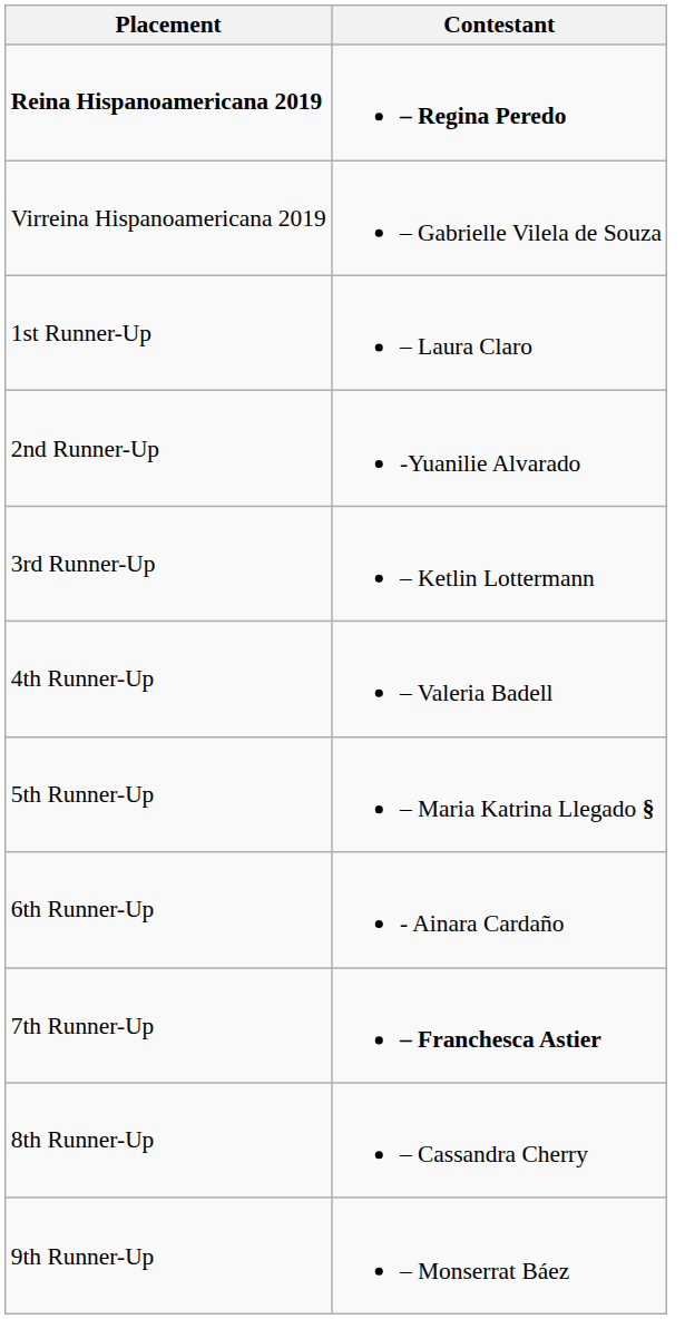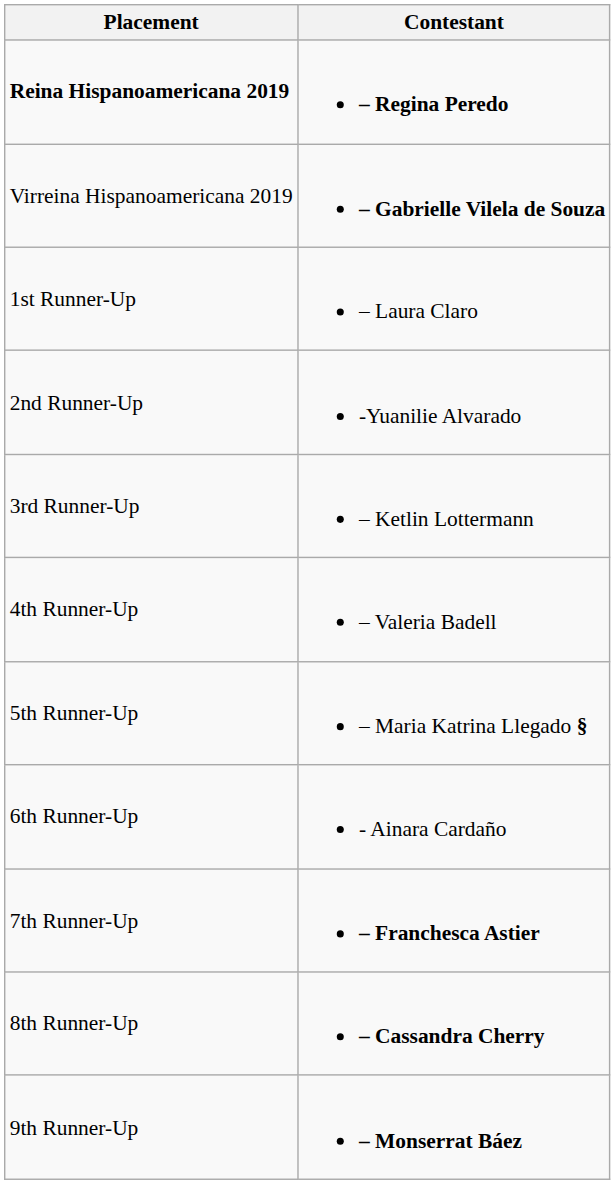 <table class="wikitable sortable" style="font-size: 95%;">
 <tr>
 <th>Placement</th>
 <th>Contestant</th>
 </tr>
 <tr>
 <td><strong>Reina Hispanoamericana 2019</strong></td>
 <td><br><ul><li><strong> – Regina Peredo</strong></li></ul></td>
 </tr>
 <tr>
 <td>Virreina Hispanoamericana 2019</td>
-<td><br><ul><li> – Gabrielle Vilela de Souza</li></ul></td>
+<td><strong><br><ul><li> – Gabrielle Vilela de Souza</li></ul></strong></td>
 </tr>
 <tr>
 <td>1st Runner-Up</td>
 <td><br><ul><li> – Laura Claro</li></ul></td>
 </tr>
 <tr>
 <td>2nd Runner-Up</td>
 <td><br><ul><li> -Yuanilie Alvarado</li></ul></td>
 </tr>
 <tr>
 <td>3rd Runner-Up</td>
 <td><br><ul><li> – Ketlin Lottermann</li></ul></td>
 </tr>
 <tr>
 <td>4th Runner-Up</td>
 <td><br><ul><li> – Valeria Badell</li></ul></td>
 </tr>
 <tr>
 <td>5th Runner-Up</td>
 <td><br><ul><li> – Maria Katrina Llegado <strong>§</strong></li></ul></td>
 </tr>
 <tr>
 <td>6th Runner-Up</td>
 <td><br><ul><li> - Ainara Cardaño</li></ul></td>
 </tr>
 <tr>
 <td>7th Runner-Up</td>
 <td><strong><br><ul><li> – Franchesca Astier</li></ul></strong></td>
 </tr>
 <tr>
 <td>8th Runner-Up</td>
-<td><br><ul><li> – Cassandra Cherry</li></ul></td>
+<td><strong><br><ul><li> – Cassandra Cherry</li></ul></strong></td>
 </tr>
 <tr>
 <td>9th Runner-Up</td>
-<td><br><ul><li> – Monserrat Báez</li></ul></td>
+<td><strong><br><ul><li> – Monserrat Báez</li></ul></strong></td>
 </tr>
 </table>
